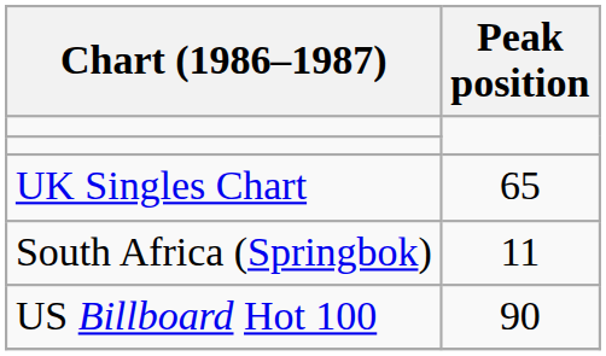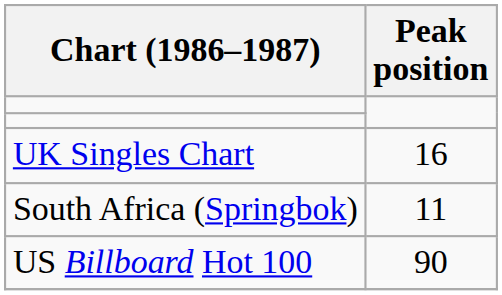 <table class="wikitable">
 <tr>
 <th>Chart (1986–1987)</th>
 <th>Peak<br>position</th>
 </tr>
 <tr>
 <td></td>
 </tr>
 <tr>
 <td></td>
 </tr>
 <tr>
 <td><a href='#'>UK Singles Chart</a></td>
-<td align="center">65</td>
+<td align="center">16</td>
 </tr>
 <tr>
 <td>South Africa (<a href='#'>Springbok</a>)</td>
 <td style="text-align:center;">11</td>
 </tr>
 <tr>
 <td>US <em><a href='#'>Billboard</a></em> <a href='#'>Hot 100</a></td>
 <td style="text-align:center;">90</td>
 </tr>
 <tr>
 </tr>
 </table>
